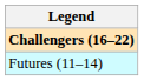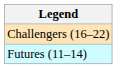 <table class="wikitable">
 <tr>
 <th>Legend</th>
 </tr>
 <tr bgcolor="moccasin">
-<td><strong>Challengers (16–22)</strong></td>
+<td>Challengers (16–22)</td>
 </tr>
 <tr bgcolor="CFFCFF">
 <td>Futures (11–14)</td>
 </tr>
 </table>
